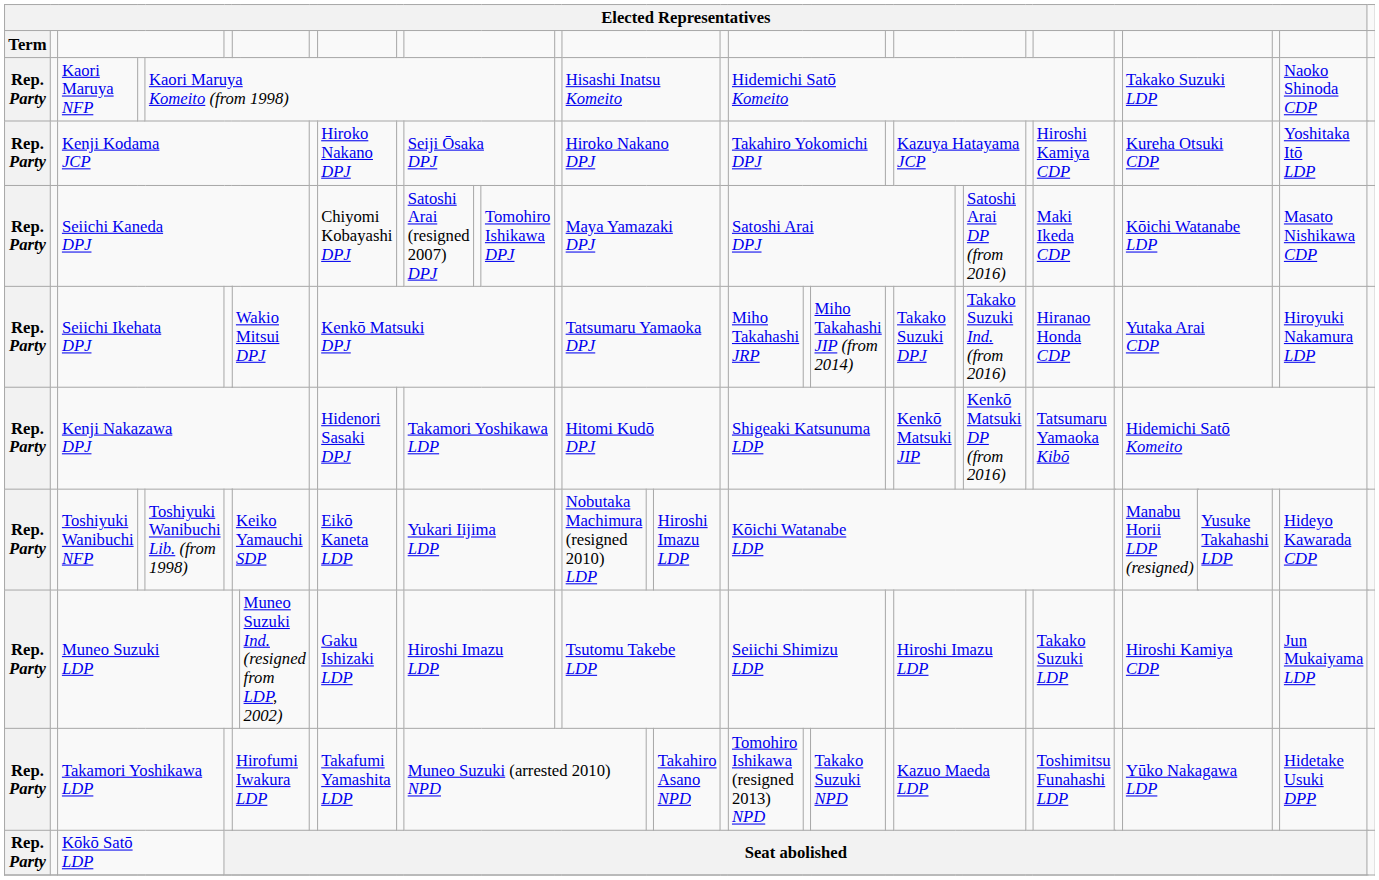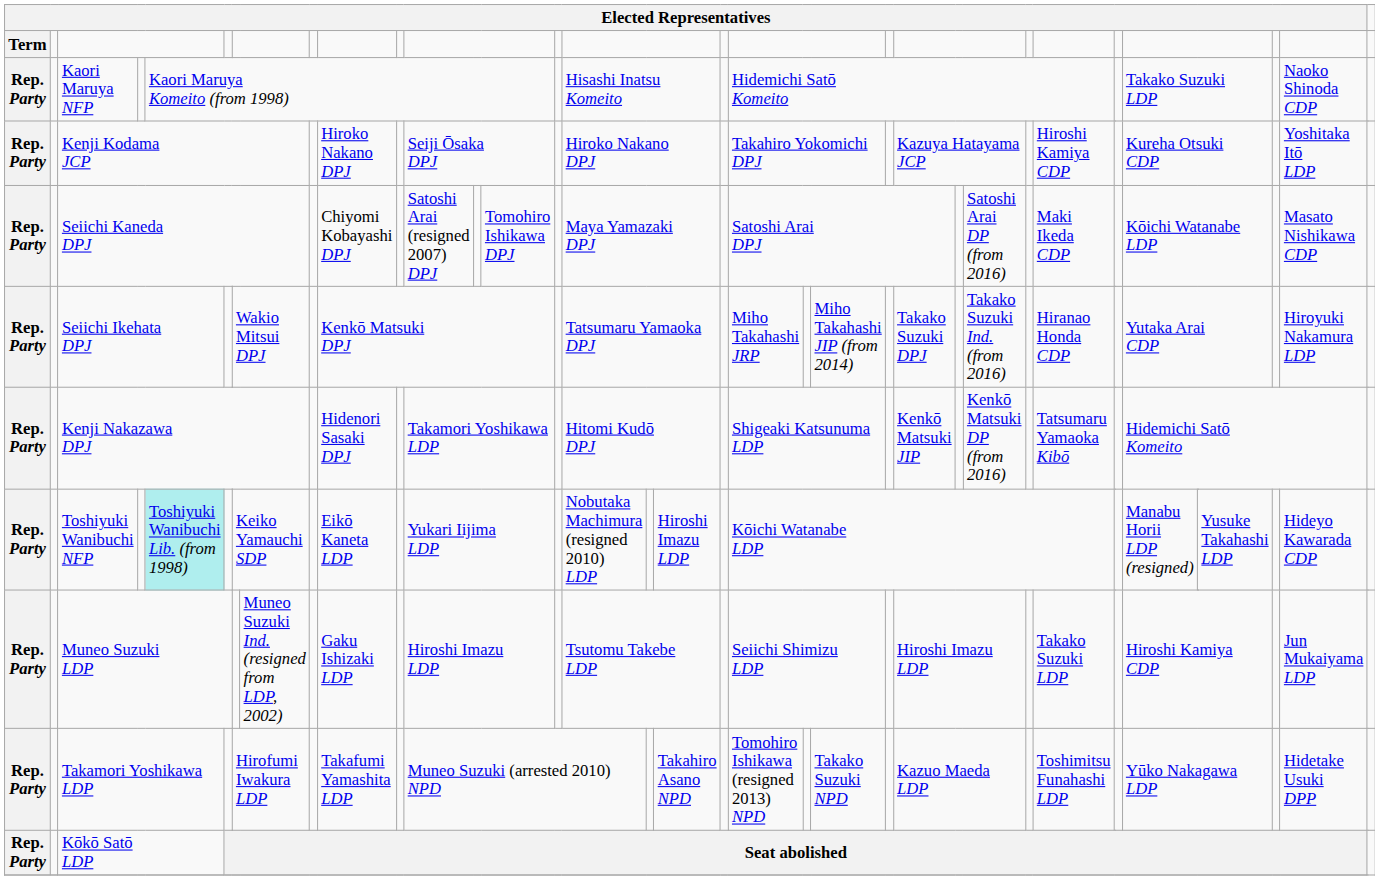 <table class="wikitable">
 <tr>
 <th colspan = 39>Elected Representatives</th>
 </tr>
 <tr>
 <th>Term</th>
 <td style="width:1px;"></td>
 <td colspan = 3></td>
 <td style="width:1px;"></td>
 <td colspan = 3></td>
 <td style="width:1px;"></td>
 <td colspan = 3></td>
 <td style="width:1px;"></td>
 <td colspan = 3></td>
 <td style="width:1px;"></td>
 <td colspan = 3></td>
 <td style="width:1px;"></td>
 <td colspan = 3></td>
 <td style="width:1px;"></td>
 <td colspan = 3></td>
 <td style="width:1px;"></td>
 <td colspan = 3></td>
 <td style="width:1px;"></td>
 <td colspan = 3></td>
 <td style="width:1px;"></td>
 <td colspan = 3></td>
 <td style="width:1px;"></td>
 </tr>
 <tr>
 <th>Rep.<br><em>Party</em></th>
 <td width=1px style="background-color: "></td>
 <td colspan = 1><a href='#'>Kaori Maruya</a><br><em><a href='#'>NFP</a></em></td>
 <td width=1px style="background-color: "></td>
 <td colspan = 13><a href='#'>Kaori Maruya</a><br><em><a href='#'>Komeito</a> (from 1998)</em></td>
 <td width=1px style="background-color: "></td>
 <td colspan = 3><a href='#'>Hisashi Inatsu</a><br><em><a href='#'>Komeito</a></em></td>
 <td width=1px style="background-color: "></td>
 <td colspan = 11><a href='#'>Hidemichi Satō</a><br><em><a href='#'>Komeito</a></em></td>
 <td width=1px style="background-color: "></td>
 <td colspan = 3><a href='#'>Takako Suzuki</a><br><em><a href='#'>LDP</a></em></td>
 <td width=1px style="background-color: "></td>
 <td colspan = 3><a href='#'>Naoko Shinoda</a><br><em><a href='#'>CDP</a></em></td>
 <td width=1px style="background-color: "></td>
 </tr>
 <tr>
 <th>Rep.<br><em>Party</em></th>
 <td width=1px style="background-color: "></td>
 <td colspan = 7><a href='#'>Kenji Kodama</a><br><em><a href='#'>JCP</a></em></td>
 <td width=1px style="background-color: "></td>
 <td colspan = 3><a href='#'>Hiroko Nakano</a><br><em><a href='#'>DPJ</a></em></td>
 <td width=1px style="background-color: "></td>
 <td colspan = 3><a href='#'>Seiji Ōsaka</a><br><em><a href='#'>DPJ</a></em></td>
 <td width=1px style="background-color: "></td>
 <td colspan = 3><a href='#'>Hiroko Nakano</a><br><em><a href='#'>DPJ</a></em></td>
 <td width=1px style="background-color: "></td>
 <td colspan = 3><a href='#'>Takahiro Yokomichi</a><br><em><a href='#'>DPJ</a></em></td>
 <td width=1px style="background-color: "></td>
 <td colspan = 3><a href='#'>Kazuya Hatayama</a><br><em><a href='#'>JCP</a></em></td>
 <td width=1px style="background-color: "></td>
 <td colspan = 3><a href='#'>Hiroshi Kamiya</a><br><em><a href='#'>CDP</a></em></td>
 <td width=1px style="background-color: "></td>
 <td colspan = 3><a href='#'>Kureha Otsuki</a><br><em><a href='#'>CDP</a></em></td>
 <td width=1px style="background-color: "></td>
 <td colspan = 3><a href='#'>Yoshitaka Itō</a><br><em><a href='#'>LDP</a></em></td>
 <td width=1px style="background-color: "></td>
 </tr>
 <tr>
 <th>Rep.<br><em>Party</em></th>
 <td width=1px style="background-color: "></td>
 <td colspan = 7><a href='#'>Seiichi Kaneda</a><br><em><a href='#'>DPJ</a></em></td>
 <td width=1px style="background-color: "></td>
 <td colspan = 3>Chiyomi Kobayashi<br><em><a href='#'>DPJ</a></em></td>
 <td width=1px style="background-color: "></td>
 <td colspan = 1><a href='#'>Satoshi Arai</a> (resigned 2007)<br><em><a href='#'>DPJ</a></em></td>
 <td width=1px style="background-color: "></td>
 <td colspan = 1><a href='#'>Tomohiro Ishikawa</a><br><em><a href='#'>DPJ</a></em></td>
 <td width=1px style="background-color: "></td>
 <td colspan = 3><a href='#'>Maya Yamazaki</a><br><em><a href='#'>DPJ</a></em></td>
 <td width=1px style="background-color: "></td>
 <td colspan = 5><a href='#'>Satoshi Arai</a><br><em><a href='#'>DPJ</a></em></td>
 <td width=1px style="background-color: "></td>
 <td colspan = 1><a href='#'>Satoshi Arai</a><br><em><a href='#'>DP</a> (from 2016)</em></td>
 <td width=1px style="background-color: "></td>
 <td colspan = 3><a href='#'>Maki Ikeda</a><br><em><a href='#'>CDP</a></em></td>
 <td width=1px style="background-color: "></td>
 <td colspan = 3><a href='#'>Kōichi Watanabe</a><br><em><a href='#'>LDP</a></em></td>
 <td width=1px style="background-color: "></td>
 <td colspan = 3><a href='#'>Masato Nishikawa</a><br><em><a href='#'>CDP</a></em></td>
 <td width=1px style="background-color: "></td>
 </tr>
 <tr>
 <th>Rep.<br><em>Party</em></th>
 <td width=1px style="background-color: "></td>
 <td colspan = 3><a href='#'>Seiichi Ikehata</a><br><em><a href='#'>DPJ</a></em></td>
 <td width=1px style="background-color: "></td>
 <td colspan = 3><a href='#'>Wakio Mitsui</a><br><em><a href='#'>DPJ</a></em></td>
 <td width=1px style="background-color: "></td>
 <td colspan = 7><a href='#'>Kenkō Matsuki</a><br><em><a href='#'>DPJ</a></em></td>
 <td width=1px style="background-color: "></td>
 <td colspan = 3><a href='#'>Tatsumaru Yamaoka</a><br><em><a href='#'>DPJ</a></em></td>
 <td width=1px style="background-color: "></td>
 <td colspan = 1><a href='#'>Miho Takahashi</a><br><em><a href='#'>JRP</a></em></td>
 <td width=1px style="background-color: "></td>
 <td colspan = 1><a href='#'>Miho Takahashi</a><br><em><a href='#'>JIP</a> (from 2014)</em></td>
 <td width=1px style="background-color: "></td>
 <td colspan = 1><a href='#'>Takako Suzuki</a><br><em><a href='#'>DPJ</a></em></td>
 <td width=1px style="background-color: "></td>
 <td colspan = 1><a href='#'>Takako Suzuki</a><br><em><a href='#'>Ind.</a> (from 2016)</em></td>
 <td width=1px style="background-color: "></td>
 <td colspan = 3><a href='#'>Hiranao Honda</a><br><em><a href='#'>CDP</a></em></td>
 <td width=1px style="background-color: "></td>
 <td colspan = 3><a href='#'>Yutaka Arai</a><br><em><a href='#'>CDP</a></em></td>
 <td width=1px style="background-color: "></td>
 <td colspan = 3><a href='#'>Hiroyuki Nakamura</a><br><em><a href='#'>LDP</a></em></td>
 <td width=1px style="background-color: "></td>
 </tr>
 <tr>
 <th>Rep.<br><em>Party</em></th>
 <td width=1px style="background-color: "></td>
 <td colspan = 7><a href='#'>Kenji Nakazawa</a><br><em><a href='#'>DPJ</a></em></td>
 <td width=1px style="background-color: "></td>
 <td colspan = 3><a href='#'>Hidenori Sasaki</a><br><em><a href='#'>DPJ</a></em></td>
 <td width=1px style="background-color: "></td>
 <td colspan = 3><a href='#'>Takamori Yoshikawa</a><br><em><a href='#'>LDP</a></em></td>
 <td width=1px style="background-color: "></td>
 <td colspan = 3><a href='#'>Hitomi Kudō</a><br><em><a href='#'>DPJ</a></em></td>
 <td width=1px style="background-color: "></td>
 <td colspan = 3><a href='#'>Shigeaki Katsunuma</a><br><em><a href='#'>LDP</a></em></td>
 <td width=1px style="background-color: "></td>
 <td colspan = 1><a href='#'>Kenkō Matsuki</a><br><em><a href='#'>JIP</a></em></td>
 <td width=1px style="background-color: "></td>
 <td colspan = 1><a href='#'>Kenkō Matsuki</a><br><em><a href='#'>DP</a> (from 2016)</em></td>
 <td width=1px style="background-color: "></td>
 <td colspan = 3><a href='#'>Tatsumaru Yamaoka</a><br><em><a href='#'>Kibō</a></em></td>
 <td width=1px style="background-color: "></td>
 <td colspan = 7><a href='#'>Hidemichi Satō</a><br><em><a href='#'>Komeito</a></em></td>
 <td width=1px style="background-color: "></td>
 </tr>
 <tr>
 <th>Rep.<br><em>Party</em></th>
 <td width=1px style="background-color: "></td>
 <td colspan = 1><a href='#'>Toshiyuki Wanibuchi</a><br><em><a href='#'>NFP</a></em></td>
 <td width=1px style="background-color: "></td>
-<td colspan = 1><a href='#'>Toshiyuki Wanibuchi</a><br><em><a href='#'>Lib.</a> (from 1998)</em></td>
+<td colspan = 1 style="background: paleturquoise;"><a href='#'>Toshiyuki Wanibuchi</a><br><em><a href='#'>Lib.</a> (from 1998)</em></td>
 <td width=1px style="background-color: "></td>
 <td colspan = 3><a href='#'>Keiko Yamauchi</a><br><em><a href='#'>SDP</a></em></td>
 <td width=1px style="background-color: "></td>
 <td colspan = 3><a href='#'>Eikō Kaneta</a><br><em><a href='#'>LDP</a></em></td>
 <td width=1px style="background-color: "></td>
 <td colspan = 3><a href='#'>Yukari Iijima</a><br><em><a href='#'>LDP</a></em></td>
 <td width=1px style="background-color: "></td>
 <td colspan = 1><a href='#'>Nobutaka Machimura</a> (resigned 2010)<br><em><a href='#'>LDP</a></em></td>
 <td width=1px style="background-color: "></td>
 <td colspan = 1><a href='#'>Hiroshi Imazu</a><br><em><a href='#'>LDP</a></em></td>
 <td width=1px style="background-color: "></td>
 <td colspan = 11><a href='#'>Kōichi Watanabe</a><br><em><a href='#'>LDP</a></em></td>
 <td width=1px style="background-color: "></td>
 <td colspan = 2><a href='#'>Manabu Horii</a><br><em><a href='#'>LDP</a> (resigned)</em></td>
 <td colspan = 1><a href='#'>Yusuke Takahashi</a><br><em><a href='#'>LDP</a></em></td>
 <td width=1px style="background-color: "></td>
 <td colspan = 3><a href='#'>Hideyo Kawarada</a><br><em><a href='#'>CDP</a></em></td>
 <td width=1px style="background-color: "></td>
 </tr>
 <tr>
 <th>Rep.<br><em>Party</em></th>
 <td width=1px style="background-color: "></td>
 <td colspan = 5><a href='#'>Muneo Suzuki</a><br><em><a href='#'>LDP</a></em></td>
 <td width=1px style="background-color: "></td>
 <td colspan = 1><a href='#'>Muneo Suzuki</a><br><em><a href='#'>Ind.</a> (resigned from <a href='#'>LDP</a>, 2002)</em></td>
 <td width=1px style="background-color: "></td>
 <td colspan = 3><a href='#'>Gaku Ishizaki</a><br><em><a href='#'>LDP</a></em></td>
 <td width=1px style="background-color: "></td>
 <td colspan = 3><a href='#'>Hiroshi Imazu</a><br><em><a href='#'>LDP</a></em></td>
 <td width=1px style="background-color: "></td>
 <td colspan = 3><a href='#'>Tsutomu Takebe</a><br><em><a href='#'>LDP</a></em></td>
 <td width=1px style="background-color: "></td>
 <td colspan = 3><a href='#'>Seiichi Shimizu</a><br><em><a href='#'>LDP</a></em></td>
 <td width=1px style="background-color: "></td>
 <td colspan = 3><a href='#'>Hiroshi Imazu</a><br><em><a href='#'>LDP</a></em></td>
 <td width=1px style="background-color: "></td>
 <td colspan = 3><a href='#'>Takako Suzuki</a><br><em><a href='#'>LDP</a></em></td>
 <td width=1px style="background-color: "></td>
 <td colspan = 3><a href='#'>Hiroshi Kamiya</a><br><em><a href='#'>CDP</a></em></td>
 <td width=1px style="background-color: "></td>
 <td colspan = 3><a href='#'>Jun Mukaiyama</a><br><em><a href='#'>LDP</a></em></td>
 <td width=1px style="background-color: "></td>
 </tr>
 <tr>
 <th>Rep.<br><em>Party</em></th>
 <td width=1px style="background-color: "></td>
 <td colspan = 3><a href='#'>Takamori Yoshikawa</a><br><em><a href='#'>LDP</a></em></td>
 <td width=1px style="background-color: "></td>
 <td colspan = 3><a href='#'>Hirofumi Iwakura</a><br><em><a href='#'>LDP</a></em></td>
 <td width=1px style="background-color: "></td>
 <td colspan = 3><a href='#'>Takafumi Yamashita</a><br><em><a href='#'>LDP</a></em></td>
 <td width=1px style="background-color: "></td>
 <td colspan = 5><a href='#'>Muneo Suzuki</a> (arrested 2010)<br><em><a href='#'>NPD</a></em></td>
 <td width=1px style="background-color: "></td>
 <td colspan = 1><a href='#'>Takahiro Asano</a><br><em><a href='#'>NPD</a></em></td>
 <td width=1px style="background-color: "></td>
 <td colspan = 1><a href='#'>Tomohiro Ishikawa</a> (resigned 2013)<br><em><a href='#'>NPD</a></em></td>
 <td width=1px style="background-color: "></td>
 <td colspan = 1><a href='#'>Takako Suzuki</a><br><em><a href='#'>NPD</a></em></td>
 <td width=1px style="background-color: "></td>
 <td colspan = 3><a href='#'>Kazuo Maeda</a><br><em><a href='#'>LDP</a></em></td>
 <td width=1px style="background-color: "></td>
 <td colspan = 3><a href='#'>Toshimitsu Funahashi</a><br><em><a href='#'>LDP</a></em></td>
 <td width=1px style="background-color: "></td>
 <td colspan = 3><a href='#'>Yūko Nakagawa</a><br><em><a href='#'>LDP</a></em></td>
 <td width=1px style="background-color: "></td>
 <td colspan = 3><a href='#'>Hidetake Usuki</a><br><em><a href='#'>DPP</a></em></td>
 <td width=1px style="background-color: "></td>
 </tr>
 <tr>
 <th>Rep.<br><em>Party</em></th>
 <td width=1px style="background-color: "></td>
 <td colspan = 3><a href='#'>Kōkō Satō</a><br><em><a href='#'>LDP</a></em></td>
 <th colspan = 36>Seat abolished</th>
 </tr>
 <tr>
 </tr>
 </table>
